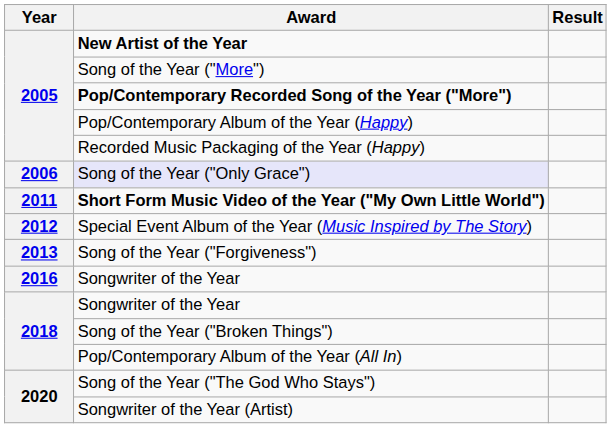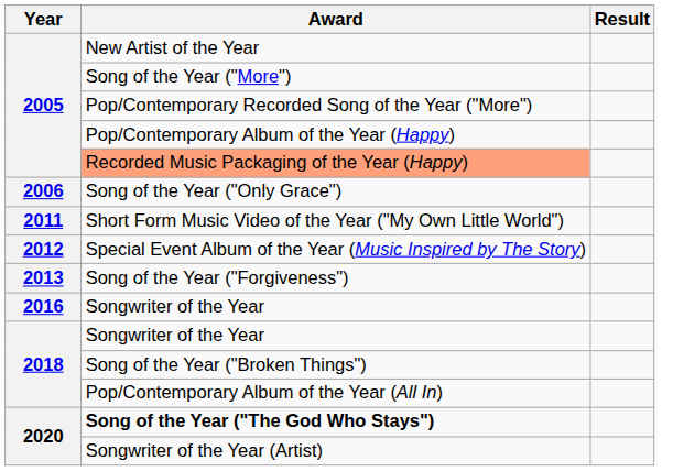 <table class="wikitable">
 <tr>
 <th style="width:60px;">Year</th>
 <th>Award</th>
 <th>Result</th>
 </tr>
 <tr>
 <th rowspan="5"><a href='#'>2005</a></th>
-<td><strong>New Artist of the Year</strong></td>
+<td>New Artist of the Year</td>
 <td></td>
 </tr>
 <tr>
 <td>Song of the Year ("<a href='#'>More</a>")</td>
 <td></td>
 </tr>
 <tr>
-<td><strong>Pop/Contemporary Recorded Song of the Year ("More")</strong></td>
+<td>Pop/Contemporary Recorded Song of the Year ("More")</td>
 <td></td>
 </tr>
 <tr>
 <td>Pop/Contemporary Album of the Year (<em><a href='#'>Happy</a></em>)</td>
 <td></td>
 </tr>
 <tr>
-<td>Recorded Music Packaging of the Year (<em>Happy</em>)</td>
+<td style="background: lightsalmon;">Recorded Music Packaging of the Year (<em>Happy</em>)</td>
 <td></td>
 </tr>
 <tr>
 <th><a href='#'>2006</a></th>
-<td style="background: lavender;">Song of the Year ("Only Grace")</td>
+<td>Song of the Year ("Only Grace")</td>
 <td></td>
 </tr>
 <tr>
 <th><a href='#'>2011</a></th>
-<td><strong>Short Form Music Video of the Year ("My Own Little World")</strong></td>
+<td>Short Form Music Video of the Year ("My Own Little World")</td>
 <td></td>
 </tr>
 <tr>
 <th><a href='#'>2012</a></th>
 <td>Special Event Album of the Year (<em><a href='#'>Music Inspired by The Story</a></em>) </td>
 <td></td>
 </tr>
 <tr>
 <th><a href='#'>2013</a></th>
 <td>Song of the Year ("Forgiveness")</td>
 <td></td>
 </tr>
 <tr>
 <th><a href='#'>2016</a></th>
 <td>Songwriter of the Year</td>
 <td></td>
 </tr>
 <tr>
 <th rowspan="3"><a href='#'>2018</a></th>
 <td>Songwriter of the Year</td>
 <td></td>
 </tr>
 <tr>
 <td>Song of the Year ("Broken Things")</td>
 <td></td>
 </tr>
 <tr>
 <td>Pop/Contemporary Album of the Year (<em>All In</em>)</td>
 <td></td>
 </tr>
 <tr>
 <th rowspan="2">2020</th>
-<td>Song of the Year ("The God Who Stays")</td>
+<td><strong>Song of the Year ("The God Who Stays")</strong></td>
 <td></td>
 </tr>
 <tr>
 <td>Songwriter of the Year (Artist)</td>
 <td></td>
 </tr>
 </table>
